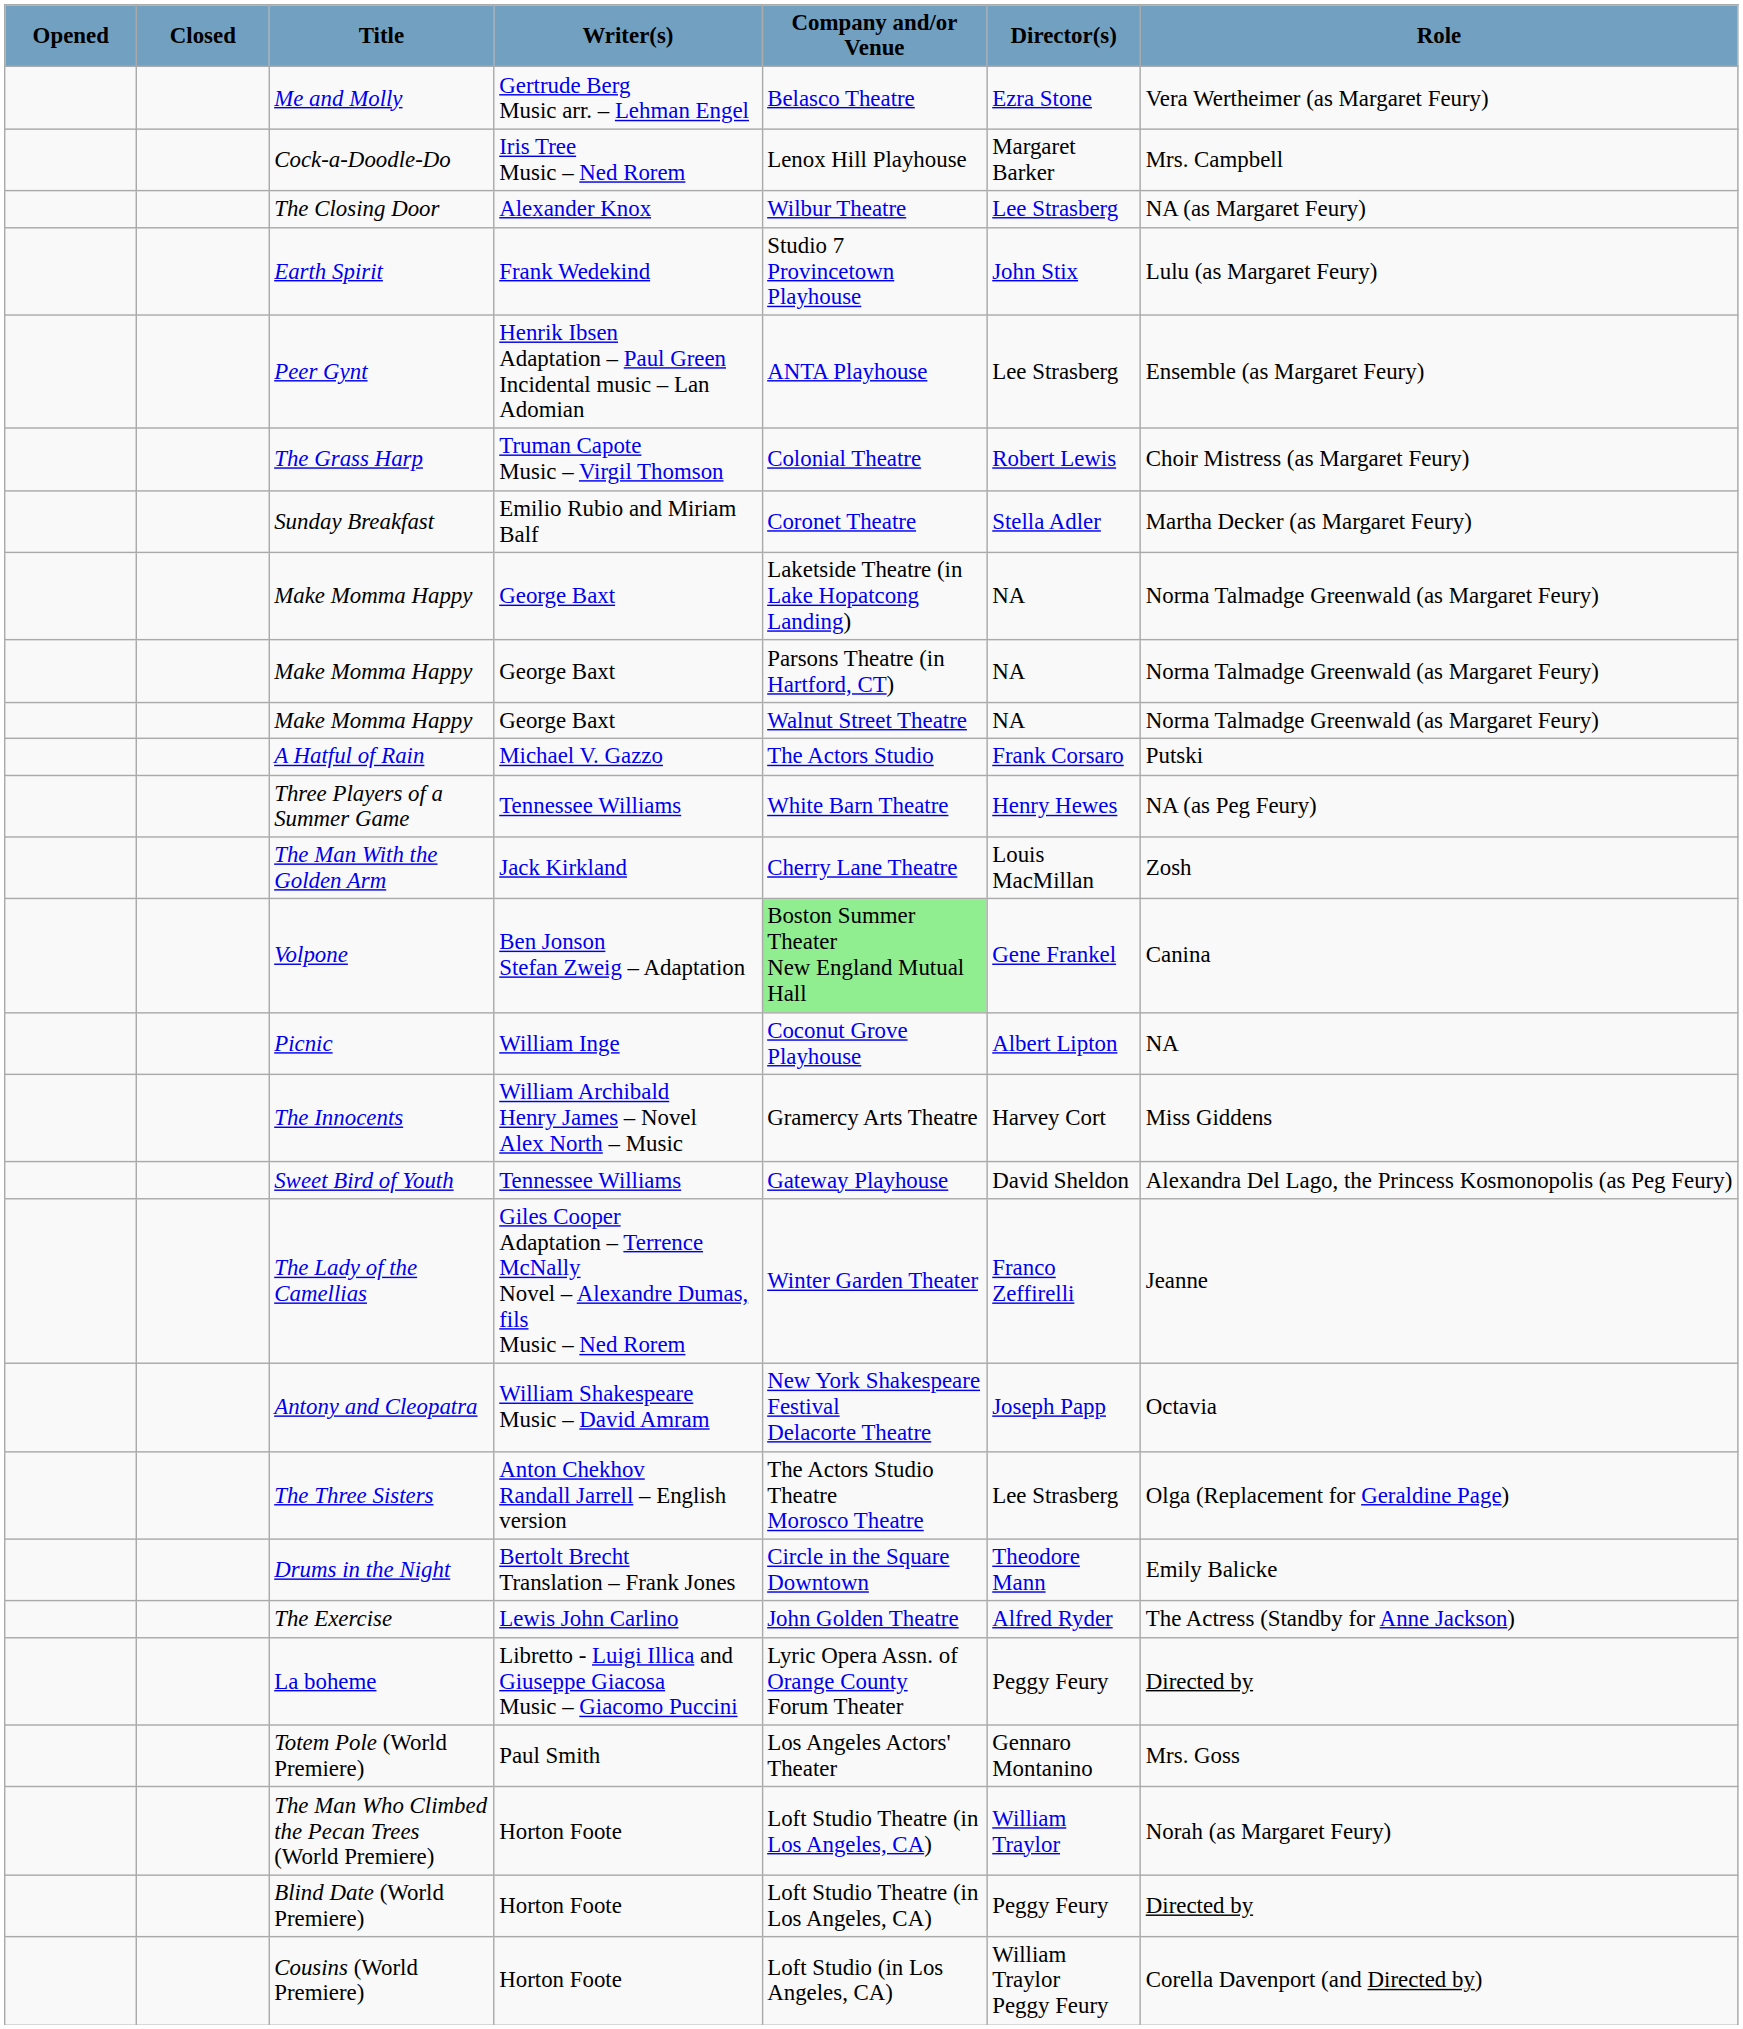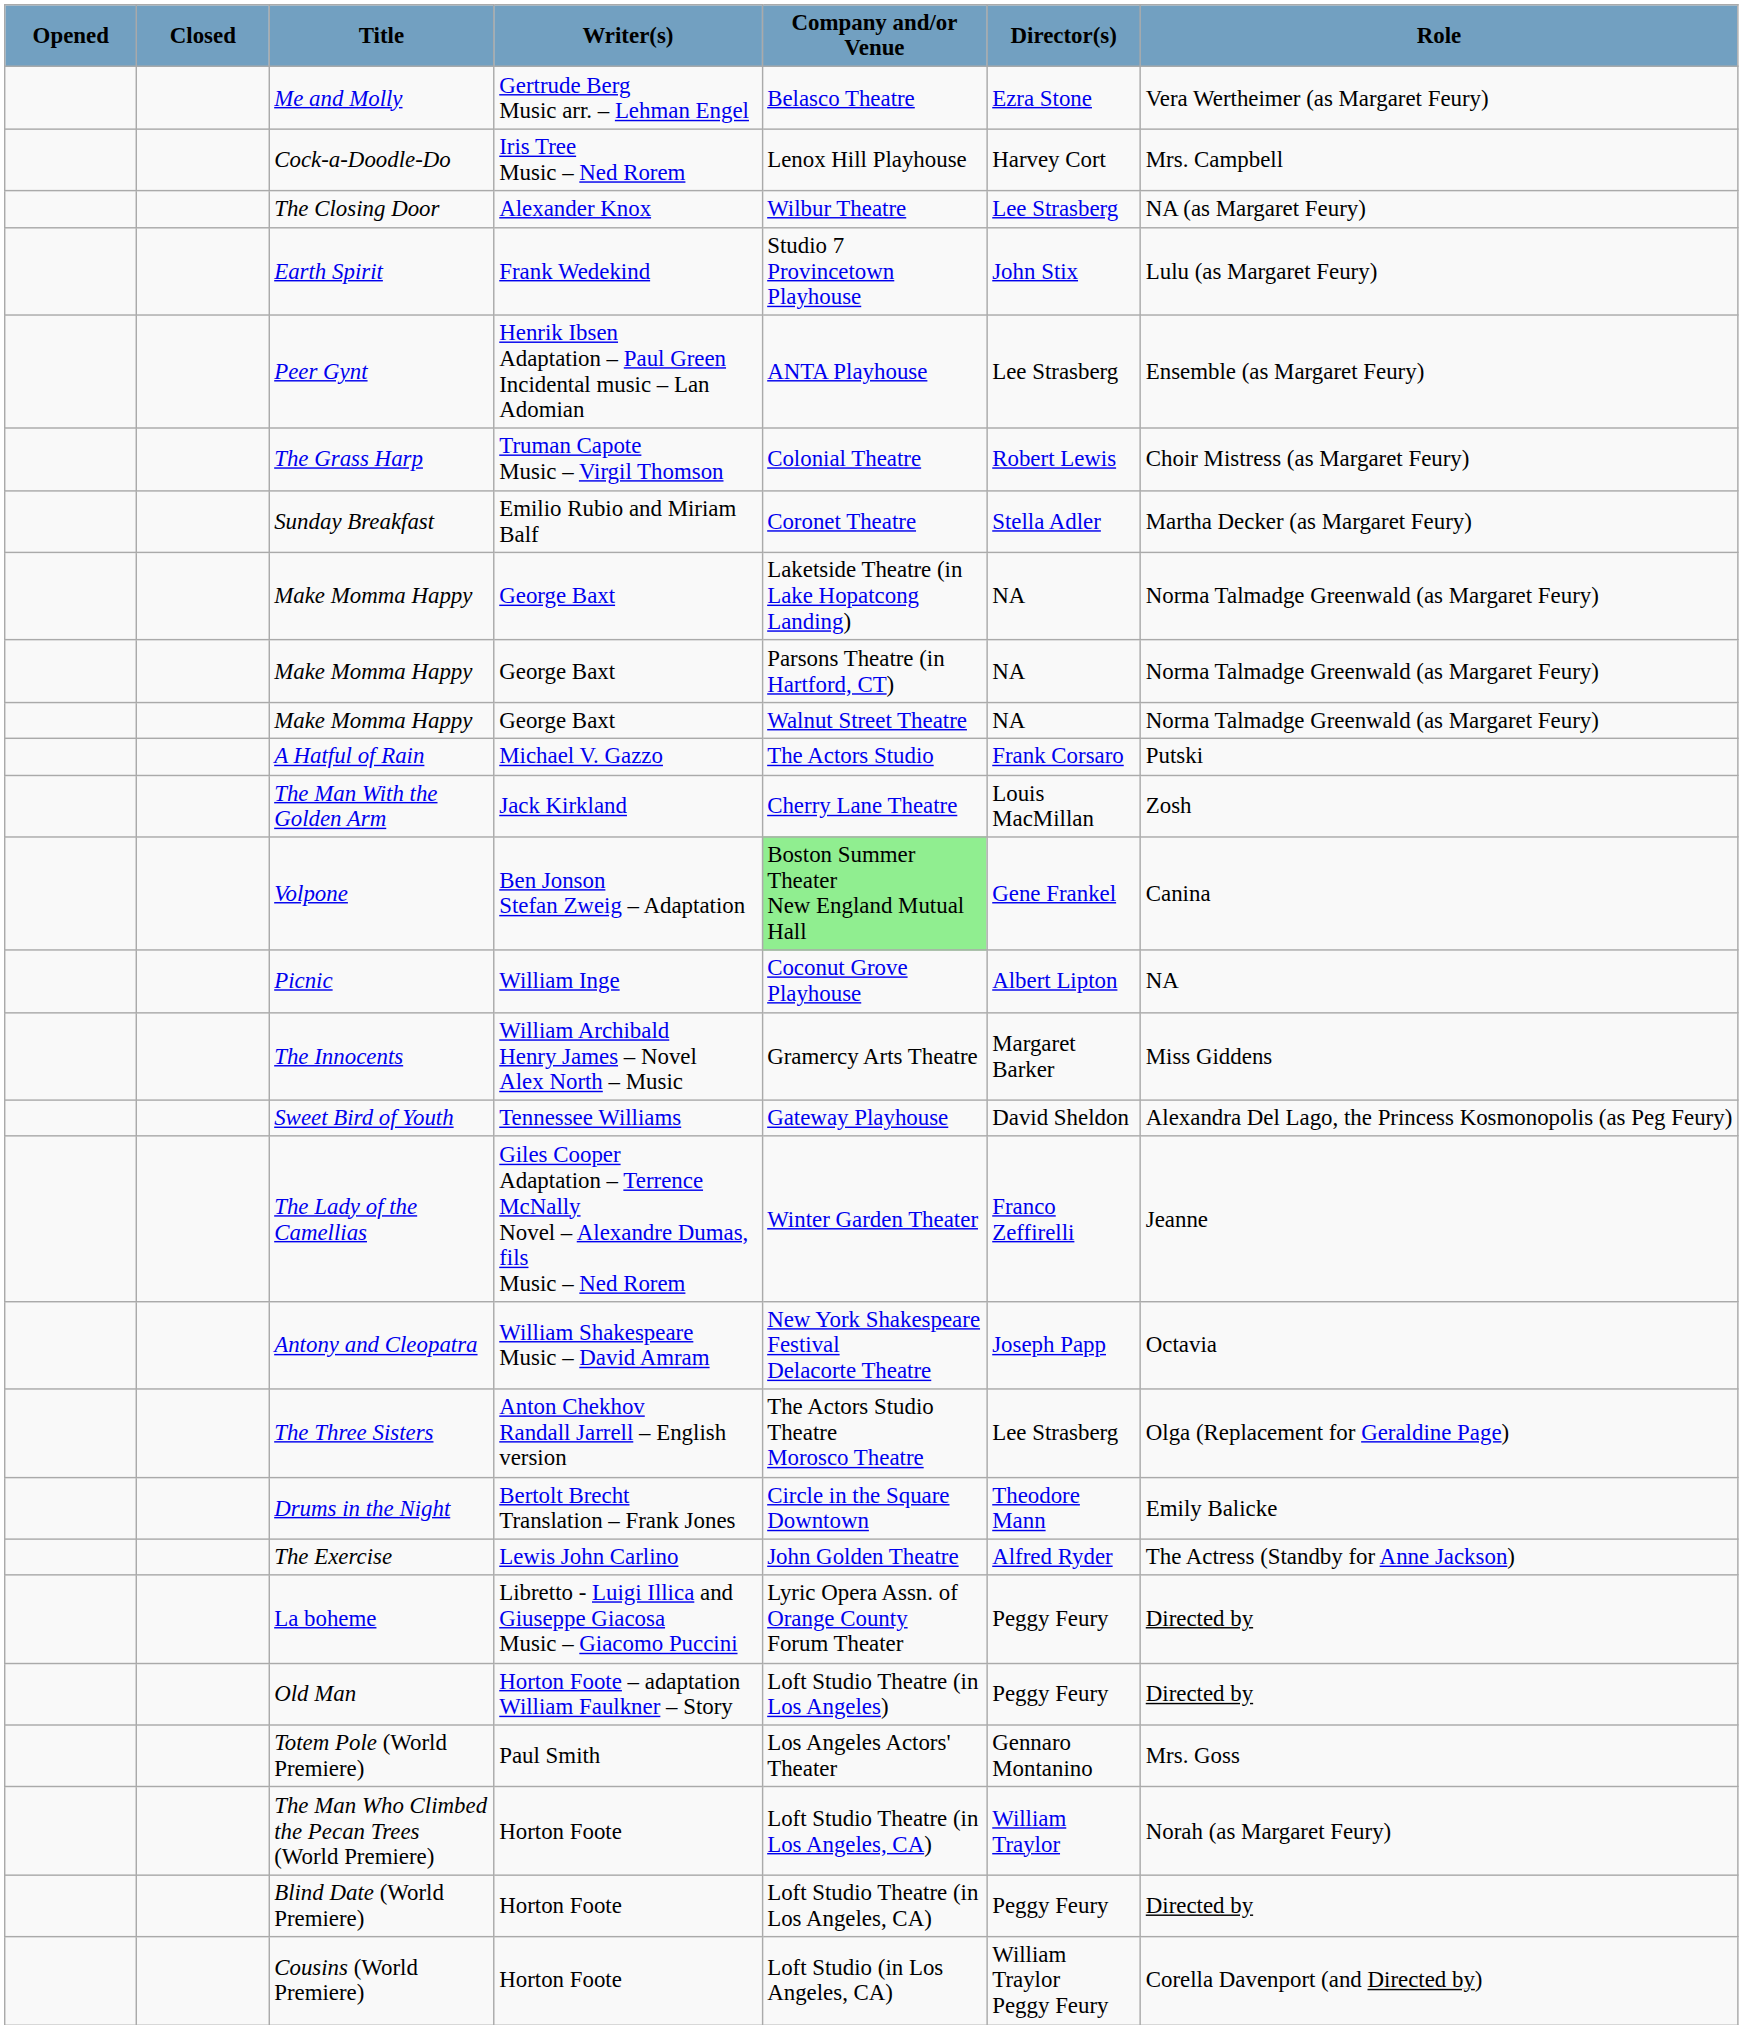 <table class="wikitable">
 <tr>
 <th style="width:85px; background:#72A0C1">Opened</th>
 <th style="width:85px; background:#72A0C1">Closed</th>
 <th style="width:150px; background:#72A0C1">Title</th>
 <th style="width:180px; background:#72A0C1">Writer(s)</th>
 <th style="width:150px; background:#72A0C1">Company and/or Venue</th>
 <th style="width:100px; background:#72A0C1">Director(s)</th>
 <th style="background:#72A0C1">Role</th>
 </tr>
 <tr>
 <td></td>
 <td></td>
 <td><em><a href='#'>Me and Molly</a></em></td>
 <td><a href='#'>Gertrude Berg</a> <br>Music arr. – <a href='#'>Lehman Engel</a></td>
 <td><a href='#'>Belasco Theatre</a></td>
 <td><a href='#'>Ezra Stone</a></td>
 <td>Vera Wertheimer (as Margaret Feury)</td>
 </tr>
 <tr>
 <td></td>
 <td></td>
 <td><em>Cock-a-Doodle-Do</em> </td>
 <td><a href='#'>Iris Tree</a> <br>Music – <a href='#'>Ned Rorem</a></td>
 <td>Lenox Hill Playhouse</td>
-<td>Margaret Barker</td>
+<td>Harvey Cort</td>
 <td>Mrs. Campbell</td>
 </tr>
 <tr>
 <td></td>
 <td></td>
 <td><em>The Closing Door</em> </td>
 <td><a href='#'>Alexander Knox</a></td>
 <td><a href='#'>Wilbur Theatre</a></td>
 <td><a href='#'>Lee Strasberg</a></td>
 <td>NA (as Margaret Feury)</td>
 </tr>
 <tr>
 <td></td>
 <td></td>
 <td><em><a href='#'>Earth Spirit</a></em> </td>
 <td><a href='#'>Frank Wedekind</a></td>
 <td>Studio 7 <br><a href='#'>Provincetown Playhouse</a></td>
 <td><a href='#'>John Stix</a></td>
 <td>Lulu (as Margaret Feury)</td>
 </tr>
 <tr>
 <td></td>
 <td></td>
 <td><em><a href='#'>Peer Gynt</a></em></td>
 <td><a href='#'>Henrik Ibsen</a> <br>Adaptation – <a href='#'>Paul Green</a> <br>Incidental music – Lan Adomian</td>
 <td><a href='#'>ANTA Playhouse</a></td>
 <td>Lee Strasberg</td>
 <td>Ensemble (as Margaret Feury)</td>
 </tr>
 <tr>
 <td></td>
 <td></td>
 <td><em><a href='#'>The Grass Harp</a></em> </td>
 <td><a href='#'>Truman Capote</a><br>Music – <a href='#'>Virgil Thomson</a></td>
 <td><a href='#'>Colonial Theatre</a></td>
 <td><a href='#'>Robert Lewis</a></td>
 <td>Choir Mistress (as Margaret Feury)</td>
 </tr>
 <tr>
 <td></td>
 <td></td>
 <td><em>Sunday Breakfast</em></td>
 <td>Emilio Rubio and Miriam Balf</td>
 <td><a href='#'>Coronet Theatre</a></td>
 <td><a href='#'>Stella Adler</a></td>
 <td>Martha Decker (as Margaret Feury)</td>
 </tr>
 <tr>
 <td></td>
 <td></td>
 <td><em>Make Momma Happy</em> </td>
 <td><a href='#'>George Baxt</a></td>
 <td>Laketside Theatre (in <a href='#'>Lake Hopatcong Landing</a>)</td>
 <td>NA</td>
 <td>Norma Talmadge Greenwald (as Margaret Feury)</td>
 </tr>
 <tr>
 <td></td>
 <td></td>
 <td><em>Make Momma Happy</em> </td>
 <td>George Baxt</td>
 <td>Parsons Theatre (in <a href='#'>Hartford, CT</a>)</td>
 <td>NA</td>
 <td>Norma Talmadge Greenwald (as Margaret Feury)</td>
 </tr>
 <tr>
 <td></td>
 <td></td>
 <td><em>Make Momma Happy</em> </td>
 <td>George Baxt</td>
 <td><a href='#'>Walnut Street Theatre</a></td>
 <td>NA</td>
 <td>Norma Talmadge Greenwald (as Margaret Feury)</td>
 </tr>
 <tr>
 <td></td>
 <td></td>
 <td><em><a href='#'>A Hatful of Rain</a></em> </td>
 <td><a href='#'>Michael V. Gazzo</a></td>
 <td><a href='#'>The Actors Studio</a></td>
 <td><a href='#'>Frank Corsaro</a></td>
 <td>Putski</td>
 </tr>
 <tr>
 <td></td>
 <td></td>
-<td><em>Three Players of a Summer Game</em> </td>
-<td><a href='#'>Tennessee Williams</a></td>
-<td><a href='#'>White Barn Theatre</a></td>
-<td><a href='#'>Henry Hewes</a></td>
-<td>NA (as Peg Feury)</td>
-</tr>
-<tr>
-<td></td>
-<td></td>
 <td><em><a href='#'>The Man With the Golden Arm</a></em></td>
 <td><a href='#'>Jack Kirkland</a></td>
 <td><a href='#'>Cherry Lane Theatre</a></td>
 <td>Louis MacMillan</td>
 <td>Zosh</td>
 </tr>
 <tr>
 <td></td>
 <td></td>
 <td><em><a href='#'>Volpone</a></em> </td>
 <td><a href='#'>Ben Jonson</a><br><a href='#'>Stefan Zweig</a> – Adaptation</td>
 <td style="background: lightgreen;">Boston Summer Theater<br>New England Mutual Hall</td>
 <td><a href='#'>Gene Frankel</a></td>
 <td>Canina</td>
 </tr>
 <tr>
 <td></td>
 <td></td>
 <td><em><a href='#'>Picnic</a></em> </td>
 <td><a href='#'>William Inge</a></td>
 <td><a href='#'>Coconut Grove Playhouse</a></td>
 <td><a href='#'>Albert Lipton</a></td>
 <td>NA</td>
 </tr>
 <tr>
 <td></td>
 <td></td>
 <td><em><a href='#'>The Innocents</a></em> </td>
 <td><a href='#'>William Archibald</a><br><a href='#'>Henry James</a> – Novel<br><a href='#'>Alex North</a> – Music</td>
 <td>Gramercy Arts Theatre</td>
-<td>Harvey Cort</td>
+<td>Margaret Barker</td>
 <td>Miss Giddens</td>
 </tr>
 <tr>
 <td></td>
 <td></td>
 <td><em><a href='#'>Sweet Bird of Youth</a></em> </td>
 <td><a href='#'>Tennessee Williams</a></td>
 <td><a href='#'>Gateway Playhouse</a></td>
 <td>David Sheldon</td>
 <td>Alexandra Del Lago, the Princess Kosmonopolis (as Peg Feury)</td>
 </tr>
 <tr>
 <td></td>
 <td></td>
 <td><em><a href='#'>The Lady of the Camellias</a></em></td>
 <td><a href='#'>Giles Cooper</a><br>Adaptation – <a href='#'>Terrence McNally</a><br>Novel – <a href='#'>Alexandre Dumas, fils</a><br>Music – <a href='#'>Ned Rorem</a></td>
 <td><a href='#'>Winter Garden Theater</a></td>
 <td><a href='#'>Franco Zeffirelli</a></td>
 <td>Jeanne</td>
 </tr>
 <tr>
 <td></td>
 <td></td>
 <td><em><a href='#'>Antony and Cleopatra</a></em></td>
 <td><a href='#'>William Shakespeare</a><br>Music – <a href='#'>David Amram</a></td>
 <td><a href='#'>New York Shakespeare Festival</a><br><a href='#'>Delacorte Theatre</a></td>
 <td><a href='#'>Joseph Papp</a></td>
 <td>Octavia</td>
 </tr>
 <tr>
 <td></td>
 <td></td>
 <td><em><a href='#'>The Three Sisters</a></em></td>
 <td><a href='#'>Anton Chekhov</a><br><a href='#'>Randall Jarrell</a> – English version</td>
 <td>The Actors Studio Theatre <br><a href='#'>Morosco Theatre</a></td>
 <td>Lee Strasberg</td>
 <td>Olga (Replacement for <a href='#'>Geraldine Page</a>)</td>
 </tr>
 <tr>
 <td></td>
 <td></td>
 <td><em><a href='#'>Drums in the Night</a></em></td>
 <td><a href='#'>Bertolt Brecht</a><br>Translation – Frank Jones</td>
 <td><a href='#'>Circle in the Square Downtown</a></td>
 <td><a href='#'>Theodore Mann</a></td>
 <td>Emily Balicke</td>
 </tr>
 <tr>
 <td></td>
 <td></td>
 <td><em>The Exercise</em></td>
 <td><a href='#'>Lewis John Carlino</a></td>
 <td><a href='#'>John Golden Theatre</a></td>
 <td><a href='#'>Alfred Ryder</a></td>
 <td>The Actress (Standby for <a href='#'>Anne Jackson</a>)</td>
 </tr>
 <tr>
 <td></td>
 <td></td>
 <td><a href='#'>La boheme</a></td>
 <td>Libretto - <a href='#'>Luigi Illica</a> and <a href='#'>Giuseppe Giacosa</a><br>Music – <a href='#'>Giacomo Puccini</a></td>
 <td>Lyric Opera Assn. of <a href='#'>Orange County</a><br>Forum Theater</td>
 <td>Peggy Feury</td>
 <td><u>Directed by</u></td>
 </tr>
 <tr>
 <td></td>
 <td></td>
+<td><em>Old Man</em> </td>
+<td><a href='#'>Horton Foote</a> – adaptation<br><a href='#'>William Faulkner</a> – Story</td>
+<td>Loft Studio Theatre (in <a href='#'>Los Angeles</a>)</td>
+<td>Peggy Feury</td>
+<td><u>Directed by</u></td>
+</tr>
+<tr>
+<td></td>
+<td></td>
 <td><em>Totem Pole</em> (World Premiere)</td>
 <td>Paul Smith</td>
 <td>Los Angeles Actors' Theater</td>
 <td>Gennaro Montanino</td>
 <td>Mrs. Goss</td>
 </tr>
 <tr>
 <td></td>
 <td></td>
 <td><em>The Man Who Climbed the Pecan Trees</em> (World Premiere)</td>
 <td>Horton Foote</td>
 <td>Loft Studio Theatre (in <a href='#'>Los Angeles, CA</a>)</td>
 <td><a href='#'>William Traylor</a></td>
 <td>Norah (as Margaret Feury)</td>
 </tr>
 <tr>
 <td></td>
 <td></td>
 <td><em>Blind Date</em> (World Premiere)</td>
 <td>Horton Foote</td>
 <td>Loft Studio Theatre (in Los Angeles, CA)</td>
 <td>Peggy Feury</td>
 <td><u>Directed by</u></td>
 </tr>
 <tr>
 <td></td>
 <td></td>
 <td><em>Cousins</em> (World Premiere)</td>
 <td>Horton Foote</td>
 <td>Loft Studio (in Los Angeles, CA)</td>
 <td>William Traylor<br>Peggy Feury</td>
 <td>Corella Davenport (and <u>Directed by</u>)</td>
 </tr>
 </table>
